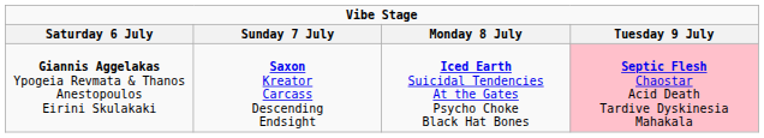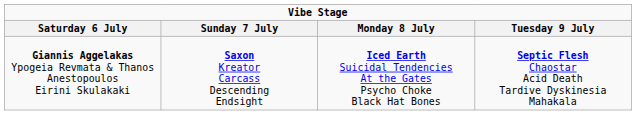 <table class="wikitable">
 <tr>
 <td colspan="4" align="center"><strong>Vibe Stage</strong></td>
 </tr>
 <tr>
 <th>Saturday 6 July</th>
 <th>Sunday 7 July</th>
 <th>Monday 8 July</th>
 <th>Tuesday 9 July</th>
 </tr>
 <tr>
 <td valign="top" align="center" width=200><br><strong>Giannis Aggelakas</strong> <br>Ypogeia Revmata & Thanos Anestopoulos <br>Eirini Skulakaki</td>
 <td valign="top" align="center" width=200><br><strong><a href='#'>Saxon</a></strong> <br><a href='#'>Kreator</a> <br><a href='#'>Carcass</a> <br>Descending <br>Endsight</td>
 <td valign="top" align="center" width=200><br><strong><a href='#'>Iced Earth</a></strong> <br><a href='#'>Suicidal Tendencies</a> <br><a href='#'>At the Gates</a> <br>Psycho Choke <br>Black Hat Bones</td>
-<td valign="top" align="center" width=200 style="background: pink;"><br><strong><a href='#'>Septic Flesh</a></strong> <br><a href='#'>Chaostar</a> <br>Acid Death <br>Tardive Dyskinesia <br>Mahakala</td>
+<td valign="top" align="center" width=200><br><strong><a href='#'>Septic Flesh</a></strong> <br><a href='#'>Chaostar</a> <br>Acid Death <br>Tardive Dyskinesia <br>Mahakala</td>
 </tr>
 </table>
